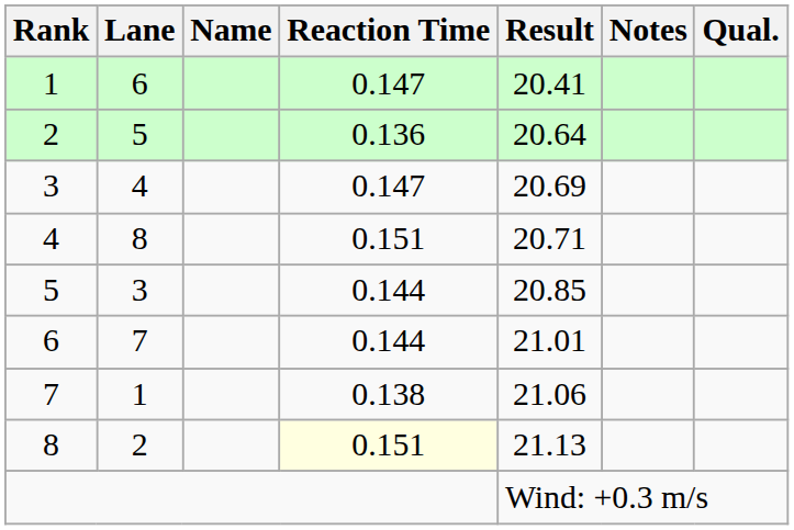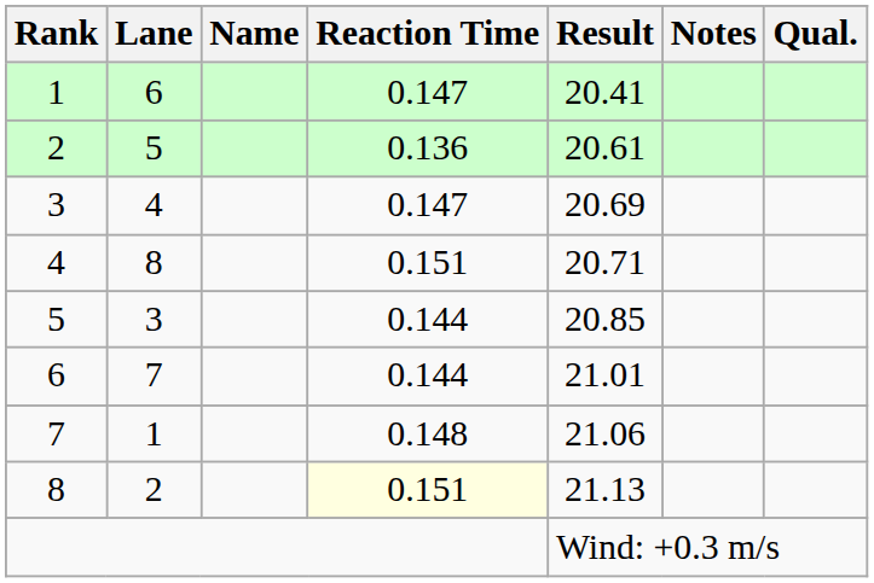 <table class="wikitable sortable" style="text-align:center">
 <tr>
 <th>Rank</th>
 <th>Lane</th>
 <th>Name</th>
 <th>Reaction Time</th>
 <th>Result</th>
 <th>Notes</th>
 <th>Qual.</th>
 </tr>
 <tr bgcolor=ccffcc>
 <td>1</td>
 <td>6</td>
 <td align="left"></td>
 <td>0.147</td>
 <td>20.41</td>
 <td></td>
 <td></td>
 </tr>
 <tr bgcolor=ccffcc>
 <td>2</td>
 <td>5</td>
 <td align="left"></td>
 <td>0.136</td>
-<td>20.64</td>
+<td>20.61</td>
 <td></td>
 <td></td>
 </tr>
 <tr>
 <td>3</td>
 <td>4</td>
 <td align="left"></td>
 <td>0.147</td>
 <td>20.69</td>
 <td></td>
 <td></td>
 </tr>
 <tr>
 <td>4</td>
 <td>8</td>
 <td align="left"></td>
 <td>0.151</td>
 <td>20.71</td>
 <td></td>
 <td></td>
 </tr>
 <tr>
 <td>5</td>
 <td>3</td>
 <td align="left"></td>
 <td>0.144</td>
 <td>20.85</td>
 <td></td>
 <td></td>
 </tr>
 <tr>
 <td>6</td>
 <td>7</td>
 <td align="left"></td>
 <td>0.144</td>
 <td>21.01</td>
 <td></td>
 <td></td>
 </tr>
 <tr>
 <td>7</td>
 <td>1</td>
 <td align="left"></td>
-<td>0.138</td>
+<td>0.148</td>
 <td>21.06</td>
 <td></td>
 <td></td>
 </tr>
 <tr>
 <td>8</td>
 <td>2</td>
 <td align="left"></td>
 <td style="background: lightyellow;">0.151</td>
 <td>21.13</td>
 <td></td>
 <td></td>
 </tr>
 <tr class="sortbottom">
 <td colspan=4></td>
 <td colspan="3" style="text-align:left;">Wind: +0.3 m/s</td>
 </tr>
 </table>
